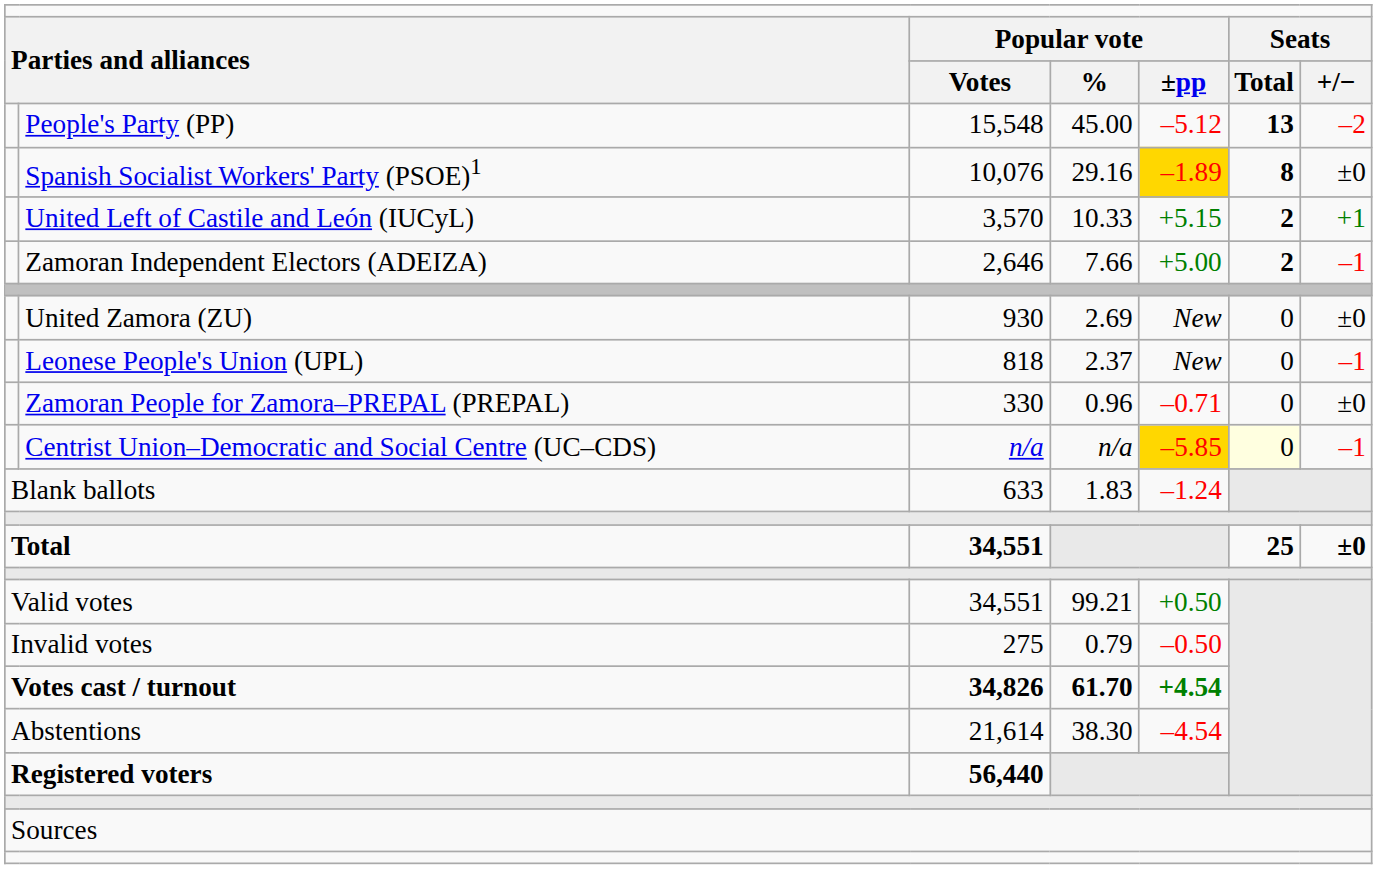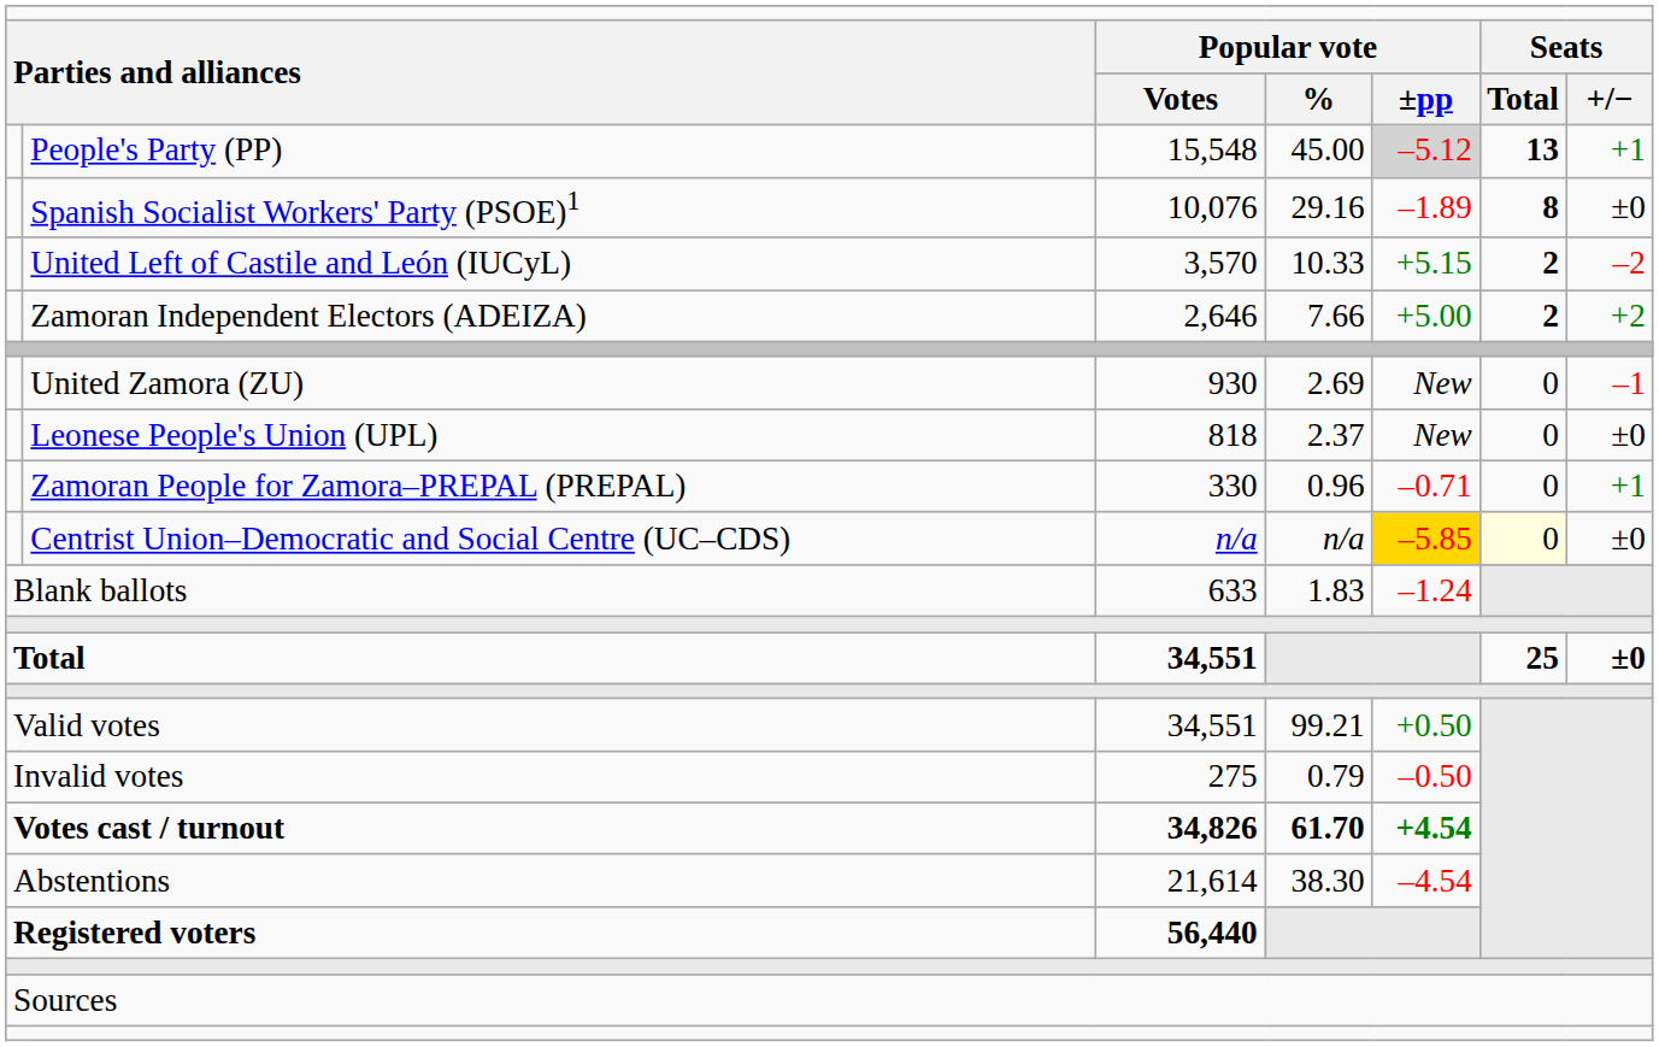 <table class="wikitable" style="text-align:right;">
 <tr>
 <td colspan="7"></td>
 </tr>
 <tr>
 <th style="text-align:left;" rowspan="2" colspan="2" width="525">Parties and alliances</th>
 <th colspan="3">Popular vote</th>
 <th colspan="2">Seats</th>
 </tr>
 <tr>
 <th width="75">Votes</th>
 <th width="45">%</th>
 <th width="45">±<a href='#'>pp</a></th>
 <th width="35">Total</th>
 <th width="35">+/−</th>
 </tr>
 <tr>
 <td width="1" style="color:inherit;background:"></td>
 <td align="left"><a href='#'>People's Party</a> (PP)</td>
 <td>15,548</td>
 <td>45.00</td>
-<td style="color:red;">–5.12</td>
+<td style="background: lightgrey; color:red;">–5.12</td>
 <td><strong>13</strong></td>
-<td style="color:red;">–2</td>
+<td style="color:green;">+1</td>
 </tr>
 <tr>
 <td style="color:inherit;background:"></td>
 <td align="left"><a href='#'>Spanish Socialist Workers' Party</a> (PSOE)<sup>1</sup></td>
 <td>10,076</td>
 <td>29.16</td>
-<td style="background: gold; color:red;">–1.89</td>
+<td style="color:red;">–1.89</td>
 <td><strong>8</strong></td>
 <td>±0</td>
 </tr>
 <tr>
 <td style="color:inherit;background:"></td>
 <td align="left"><a href='#'>United Left of Castile and León</a> (IUCyL)</td>
 <td>3,570</td>
 <td>10.33</td>
 <td style="color:green;">+5.15</td>
 <td><strong>2</strong></td>
-<td style="color:green;">+1</td>
+<td style="color:red;">–2</td>
 </tr>
 <tr>
 <td style="color:inherit;background:"></td>
 <td align="left">Zamoran Independent Electors (ADEIZA)</td>
 <td>2,646</td>
 <td>7.66</td>
 <td style="color:green;">+5.00</td>
 <td><strong>2</strong></td>
-<td style="color:red;">–1</td>
+<td style="color:green;">+2</td>
 </tr>
 <tr>
 <td colspan="7" bgcolor="#C0C0C0"></td>
 </tr>
 <tr>
 <td style="color:inherit;background:"></td>
 <td align="left">United Zamora (ZU)</td>
 <td>930</td>
 <td>2.69</td>
 <td><em>New</em></td>
 <td>0</td>
-<td>±0</td>
+<td style="color:red;">–1</td>
 </tr>
 <tr>
 <td style="color:inherit;background:"></td>
 <td align="left"><a href='#'>Leonese People's Union</a> (UPL)</td>
 <td>818</td>
 <td>2.37</td>
 <td><em>New</em></td>
 <td>0</td>
-<td style="color:red;">–1</td>
+<td>±0</td>
 </tr>
 <tr>
 <td style="color:inherit;background:"></td>
 <td align="left"><a href='#'>Zamoran People for Zamora–PREPAL</a> (PREPAL)</td>
 <td>330</td>
 <td>0.96</td>
 <td style="color:red;">–0.71</td>
 <td>0</td>
-<td>±0</td>
+<td style="color:green;">+1</td>
 </tr>
 <tr>
 <td style="color:inherit;background:"></td>
 <td align="left"><a href='#'>Centrist Union–Democratic and Social Centre</a> (UC–CDS)</td>
 <td><em><a href='#'>n/a</a></em></td>
 <td><em>n/a</em></td>
 <td style="background: gold; color:red;">–5.85</td>
 <td style="background: lightyellow;">0</td>
-<td style="color:red;">–1</td>
+<td>±0</td>
 </tr>
 <tr>
 <td align="left" colspan="2">Blank ballots</td>
 <td>633</td>
 <td>1.83</td>
 <td style="color:red;">–1.24</td>
 <td bgcolor="#E9E9E9" colspan="2"></td>
 </tr>
 <tr>
 <td colspan="7" bgcolor="#E9E9E9"></td>
 </tr>
 <tr style="font-weight:bold;">
 <td align="left" colspan="2">Total</td>
 <td>34,551</td>
 <td bgcolor="#E9E9E9" colspan="2"></td>
 <td>25</td>
 <td>±0</td>
 </tr>
 <tr>
 <td colspan="7" bgcolor="#E9E9E9"></td>
 </tr>
 <tr>
 <td align="left" colspan="2">Valid votes</td>
 <td>34,551</td>
 <td>99.21</td>
 <td style="color:green;">+0.50</td>
 <td bgcolor="#E9E9E9" colspan="2" rowspan="5"></td>
 </tr>
 <tr>
 <td align="left" colspan="2">Invalid votes</td>
 <td>275</td>
 <td>0.79</td>
 <td style="color:red;">–0.50</td>
 </tr>
 <tr style="font-weight:bold;">
 <td align="left" colspan="2">Votes cast / turnout</td>
 <td>34,826</td>
 <td>61.70</td>
 <td style="color:green;">+4.54</td>
 </tr>
 <tr>
 <td align="left" colspan="2">Abstentions</td>
 <td>21,614</td>
 <td>38.30</td>
 <td style="color:red;">–4.54</td>
 </tr>
 <tr style="font-weight:bold;">
 <td align="left" colspan="2">Registered voters</td>
 <td>56,440</td>
 <td bgcolor="#E9E9E9" colspan="2"></td>
 </tr>
 <tr>
 <td colspan="7" bgcolor="#E9E9E9"></td>
 </tr>
 <tr>
 <td align="left" colspan="7">Sources</td>
 </tr>
 <tr>
 <td colspan="7" style="text-align:left; max-width:790px;"></td>
 </tr>
 </table>
